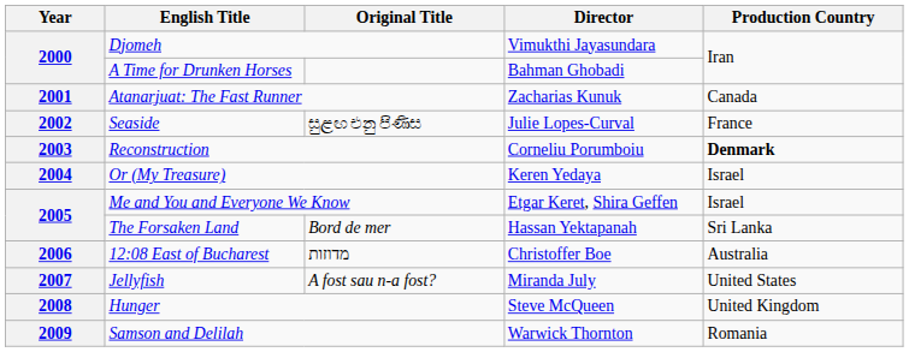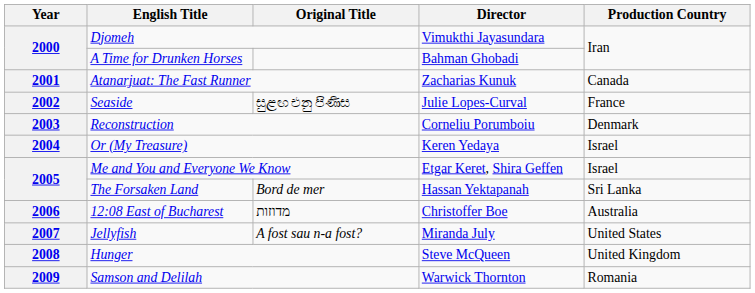 <table class="wikitable unsortable">
 <tr>
 <th scope="col" style="width:5%;">Year</th>
 <th scope="col" style="width:10%;">English Title</th>
 <th scope="col" style="width:10%;">Original Title</th>
 <th scope="col" style="width:10%;">Director</th>
 <th scope="col" style="width:10%;"class="unsortable">Production Country</th>
 </tr>
 <tr>
 <th rowspan="2"><a href='#'>2000</a></th>
 <td colspan="2"><em><a href='#'>Djomeh</a></em></td>
 <td data-sort-value="Jayasundara"><a href='#'>Vimukthi Jayasundara</a></td>
 <td rowspan="2">Iran</td>
 </tr>
 <tr>
 <td data-sort-value="Time for"><em><a href='#'>A Time for Drunken Horses</a></em></td>
 <td data-sort-value="Zamani"></td>
 <td data-sort-value="Ghobadi"><a href='#'>Bahman Ghobadi</a></td>
 </tr>
 <tr>
 <th><a href='#'>2001</a></th>
 <td colspan="2"><em><a href='#'>Atanarjuat: The Fast Runner</a></em></td>
 <td data-sort-value="Kunuk"><a href='#'>Zacharias Kunuk</a></td>
 <td>Canada</td>
 </tr>
 <tr>
 <th><a href='#'>2002</a></th>
 <td><em><a href='#'>Seaside</a></em></td>
 <td data-sort-value="Sulanga">සුළඟ එනු පිණිස</td>
 <td data-sort-value="Lopes-Curval"><a href='#'>Julie Lopes-Curval</a></td>
 <td>France</td>
 </tr>
 <tr>
 <th><a href='#'>2003</a></th>
 <td colspan="2"><em><a href='#'>Reconstruction</a></em></td>
 <td data-sort-value="Porumboiu"><a href='#'>Corneliu Porumboiu</a></td>
-<td><strong>Denmark</strong></td>
+<td>Denmark</td>
 </tr>
 <tr>
 <th><a href='#'>2004</a></th>
 <td colspan="2"><em><a href='#'>Or (My Treasure)</a></em></td>
 <td data-sort-value="Yedaya"><a href='#'>Keren Yedaya</a></td>
 <td>Israel</td>
 </tr>
 <tr>
 <th rowspan="2"><a href='#'>2005</a></th>
 <td colspan="2"><em><a href='#'>Me and You and Everyone We Know</a></em></td>
 <td data-sort-value="Keret"><a href='#'>Etgar Keret</a>, <a href='#'>Shira Geffen</a></td>
 <td>Israel</td>
 </tr>
 <tr>
 <td data-sort-value="Forsaken Land"><em><a href='#'>The Forsaken Land</a></em></td>
 <td><em>Bord de mer</em></td>
 <td data-sort-value="Yektapanah"><a href='#'>Hassan Yektapanah</a></td>
 <td>Sri Lanka</td>
 </tr>
 <tr>
 <th><a href='#'>2006</a></th>
 <td><em><a href='#'>12:08 East of Bucharest</a></em></td>
 <td data-sort-value="Meduzot">מדוזות</td>
 <td data-sort-value="Boe"><a href='#'>Christoffer Boe</a></td>
 <td>Australia</td>
 </tr>
 <tr>
 <th><a href='#'>2007</a></th>
 <td><em><a href='#'>Jellyfish</a></em></td>
 <td><em>A fost sau n-a fost?</em></td>
 <td data-sort-value="July"><a href='#'>Miranda July</a></td>
 <td>United States</td>
 </tr>
 <tr>
 <th><a href='#'>2008</a></th>
 <td colspan="2"><em><a href='#'>Hunger</a></em></td>
 <td data-sort-value="McQueen"><a href='#'>Steve McQueen</a></td>
 <td>United Kingdom</td>
 </tr>
 <tr>
 <th><a href='#'>2009</a></th>
 <td colspan="2"><em><a href='#'>Samson and Delilah</a></em></td>
 <td data-sort-value="Thornton"><a href='#'>Warwick Thornton</a></td>
 <td>Romania</td>
 </tr>
 </table>
